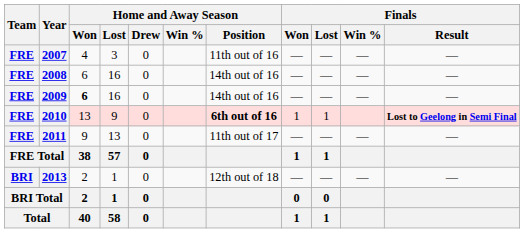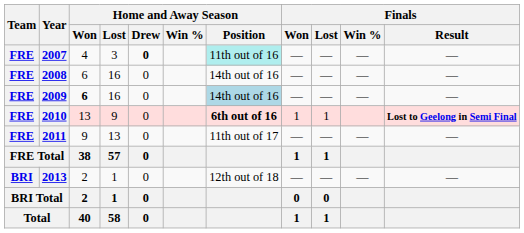 <table class="wikitable" style="font-size: 95%; text-align:center;">
 <tr>
 <th rowspan="2">Team</th>
 <th rowspan="2">Year</th>
 <th colspan="5">Home and Away Season</th>
 <th colspan="4">Finals</th>
 </tr>
 <tr>
 <th>Won</th>
 <th>Lost</th>
 <th>Drew</th>
 <th>Win %</th>
 <th>Position</th>
 <th>Won</th>
 <th>Lost</th>
 <th>Win %</th>
 <th>Result</th>
 </tr>
 <tr>
 <th><a href='#'>FRE</a></th>
 <th><a href='#'>2007</a></th>
 <td>4</td>
 <td>3</td>
-<td>0</td>
+<td><strong>0</strong></td>
 <td></td>
-<td>11th out of 16</td>
+<td style="background: paleturquoise;">11th out of 16</td>
 <td>—</td>
 <td>—</td>
 <td>—</td>
 <td>—</td>
 </tr>
 <tr>
 <th><a href='#'>FRE</a></th>
 <th><a href='#'>2008</a></th>
 <td>6</td>
 <td>16</td>
 <td>0</td>
 <td></td>
 <td>14th out of 16</td>
 <td>—</td>
 <td>—</td>
 <td>—</td>
 <td>—</td>
 </tr>
 <tr>
 <th><a href='#'>FRE</a></th>
 <th><a href='#'>2009</a></th>
 <td><strong>6</strong></td>
 <td>16</td>
 <td>0</td>
 <td></td>
-<td>14th out of 16</td>
+<td style="background: lightblue;">14th out of 16</td>
 <td>—</td>
 <td>—</td>
 <td>—</td>
 <td>—</td>
 </tr>
 <tr ! style="background:#fdd;">
 <th><a href='#'>FRE</a></th>
 <th><a href='#'>2010</a></th>
 <td>13</td>
 <td>9</td>
 <td>0</td>
 <td></td>
 <td><strong>6th out of 16</strong></td>
 <td>1</td>
 <td>1</td>
 <td></td>
 <td><small><strong>Lost to <a href='#'>Geelong</a> in <a href='#'>Semi Final</a></strong></small></td>
 </tr>
 <tr>
 <th><a href='#'>FRE</a></th>
 <th><a href='#'>2011</a></th>
 <td>9</td>
 <td>13</td>
 <td>0</td>
 <td></td>
 <td>11th out of 17</td>
 <td>—</td>
 <td>—</td>
 <td>—</td>
 <td>—</td>
 </tr>
 <tr>
 <th colspan="2">FRE Total</th>
 <th>38</th>
 <th>57</th>
 <th>0</th>
 <th></th>
 <th></th>
 <th>1</th>
 <th>1</th>
 <th></th>
 <th></th>
 </tr>
 <tr>
 <th><a href='#'>BRI</a></th>
 <th><a href='#'>2013</a></th>
 <td>2</td>
 <td>1</td>
 <td>0</td>
 <td></td>
 <td>12th out of 18</td>
 <td>—</td>
 <td>—</td>
 <td>—</td>
 <td>—</td>
 </tr>
 <tr>
 <th colspan="2">BRI Total</th>
 <th>2</th>
 <th>1</th>
 <th>0</th>
 <th></th>
 <th></th>
 <th>0</th>
 <th>0</th>
 <th></th>
 <th></th>
 </tr>
 <tr>
 <th colspan="2">Total</th>
 <th>40</th>
 <th>58</th>
 <th>0</th>
 <th></th>
 <th></th>
 <th>1</th>
 <th>1</th>
 <th></th>
 <th></th>
 </tr>
 </table>
